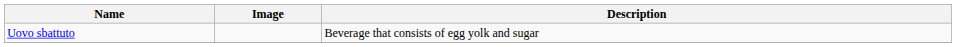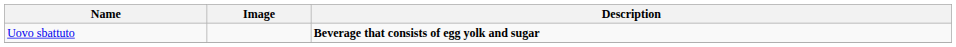 <table class="wikitable sortable" width="100%">
 <tr>
 <th>Name</th>
 <th class="unsortable">Image</th>
 <th>Description</th>
 </tr>
 <tr>
 <td><a href='#'>Uovo sbattuto</a></td>
 <td></td>
-<td>Beverage that consists of egg yolk and sugar</td>
+<td><strong>Beverage that consists of egg yolk and sugar</strong></td>
 </tr>
 <tr>
 </tr>
 </table>
